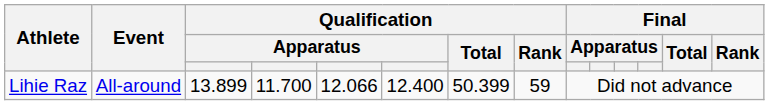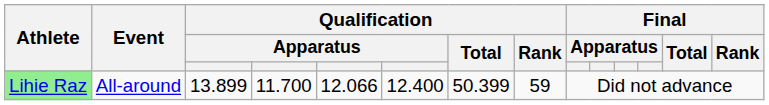 <table class="wikitable" style="font-size:90%">
 <tr>
 <th rowspan=3>Athlete</th>
 <th rowspan=3>Event</th>
 <th colspan=6>Qualification</th>
 <th colspan=6>Final</th>
 </tr>
 <tr style="font-size:95%">
 <th colspan=4>Apparatus</th>
 <th rowspan=2>Total</th>
 <th rowspan=2>Rank</th>
 <th colspan=4>Apparatus</th>
 <th rowspan=2>Total</th>
 <th rowspan=2>Rank</th>
 </tr>
 <tr style="font-size:95%">
 <th></th>
 <th></th>
 <th></th>
 <th></th>
 <th></th>
 <th></th>
 <th></th>
 <th></th>
 </tr>
 <tr align=center>
-<td align=left><a href='#'>Lihie Raz</a></td>
+<td align=left style="background: lightgreen;"><a href='#'>Lihie Raz</a></td>
 <td align=left><a href='#'>All-around</a></td>
 <td>13.899</td>
 <td>11.700</td>
 <td>12.066</td>
 <td>12.400</td>
 <td>50.399</td>
 <td>59</td>
 <td colspan=6>Did not advance</td>
 </tr>
 </table>
